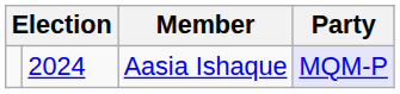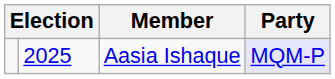 <table class="wikitable">
 <tr>
 <th colspan="2">Election</th>
 <th>Member</th>
 <th>Party</th>
 </tr>
 <tr>
 <td style="background-color: "></td>
-<td><a href='#'>2024</a></td>
+<td><a href='#'>2025</a></td>
 <td><a href='#'>Aasia Ishaque</a></td>
 <td style="background: lavender;"><a href='#'>MQM-P</a></td>
 </tr>
 </table>
